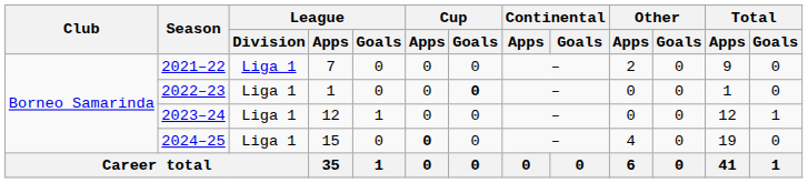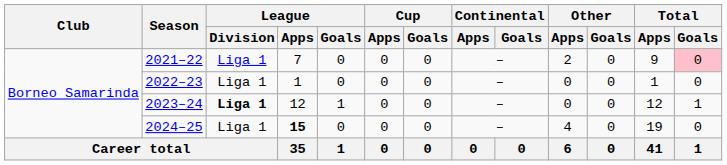 <table class="wikitable" style="text-align: center">
 <tr>
 <th rowspan="2">Club</th>
 <th rowspan="2">Season</th>
 <th colspan="3">League</th>
 <th colspan="2">Cup</th>
 <th colspan="2">Continental</th>
 <th colspan="2">Other</th>
 <th colspan="2">Total</th>
 </tr>
 <tr>
 <th>Division</th>
 <th>Apps</th>
 <th>Goals</th>
 <th>Apps</th>
 <th>Goals</th>
 <th>Apps</th>
 <th>Goals</th>
 <th>Apps</th>
 <th>Goals</th>
 <th>Apps</th>
 <th>Goals</th>
 </tr>
 <tr>
 <td rowspan="4"><a href='#'>Borneo Samarinda</a></td>
 <td><a href='#'>2021–22</a></td>
 <td rowspan="1" valign="center"><a href='#'>Liga 1</a></td>
 <td>7</td>
 <td>0</td>
 <td>0</td>
 <td>0</td>
 <td colspan="2">–</td>
 <td>2</td>
 <td>0</td>
 <td>9</td>
-<td>0</td>
+<td style="background: pink;">0</td>
 </tr>
 <tr>
 <td><a href='#'>2022–23</a></td>
 <td rowspan="1" valign="center">Liga 1</td>
 <td>1</td>
 <td>0</td>
 <td>0</td>
-<td><strong>0</strong></td>
+<td>0</td>
 <td colspan=2>–</td>
 <td>0</td>
 <td>0</td>
 <td>1</td>
 <td>0</td>
 </tr>
 <tr>
 <td><a href='#'>2023–24</a></td>
-<td>Liga 1</td>
+<td><strong>Liga 1</strong></td>
 <td>12</td>
 <td>1</td>
 <td>0</td>
 <td>0</td>
 <td colspan="2">–</td>
 <td>0</td>
 <td>0</td>
 <td>12</td>
 <td>1</td>
 </tr>
 <tr>
 <td><a href='#'>2024–25</a></td>
 <td>Liga 1</td>
-<td>15</td>
+<td><strong>15</strong></td>
 <td>0</td>
-<td><strong>0</strong></td>
+<td>0</td>
 <td>0</td>
 <td colspan="2">–</td>
 <td>4</td>
 <td>0</td>
 <td>19</td>
 <td>0</td>
 </tr>
 <tr>
 <th colspan=3>Career total</th>
 <th>35</th>
 <th>1</th>
 <th>0</th>
 <th>0</th>
 <th>0</th>
 <th>0</th>
 <th>6</th>
 <th>0</th>
 <th>41</th>
 <th>1</th>
 </tr>
 </table>
